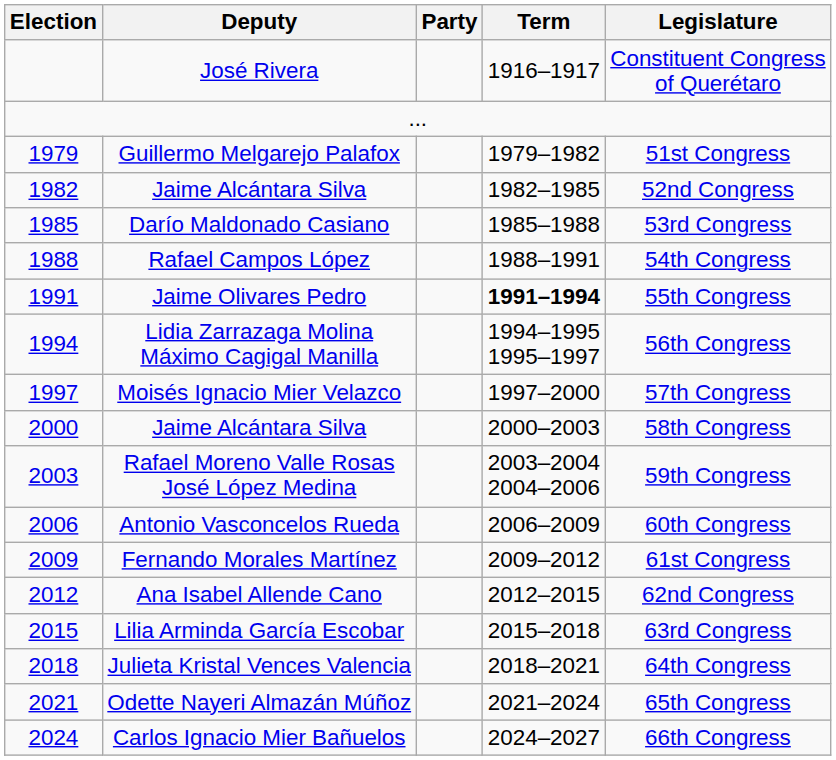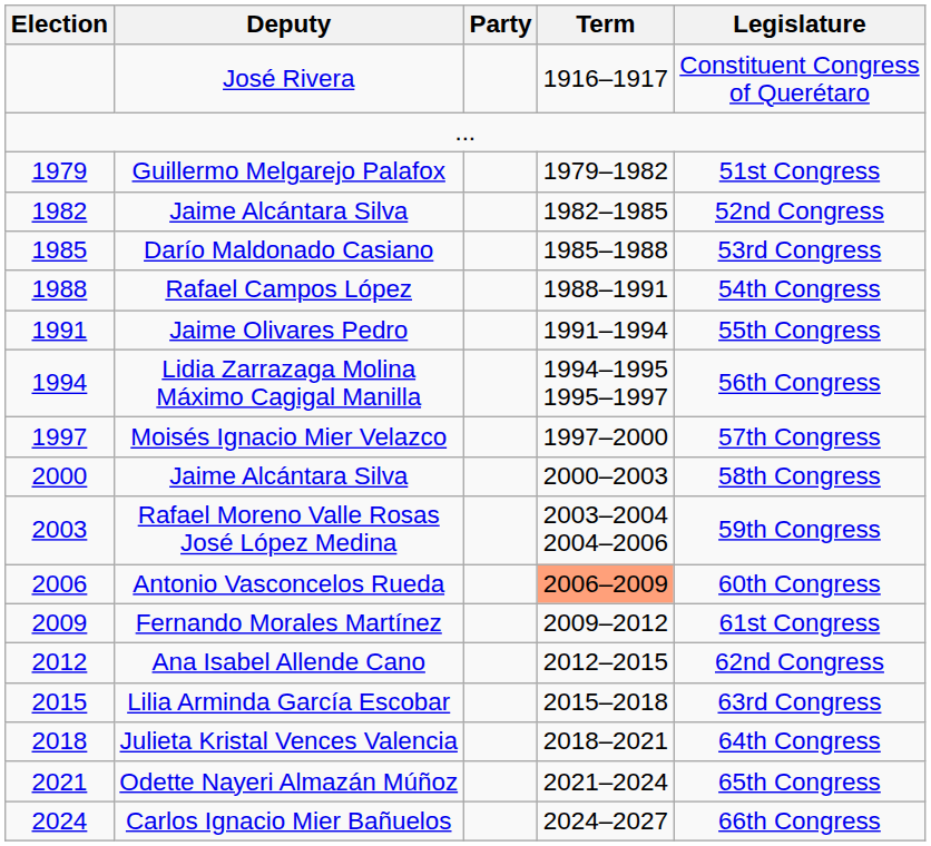 <table class="wikitable sortable" style="text-align: center">
 <tr>
 <th>Election</th>
 <th class="unsortable">Deputy</th>
 <th class="unsortable">Party</th>
 <th class="unsortable">Term</th>
 <th class="unsortable">Legislature</th>
 </tr>
 <tr>
 <td></td>
 <td><a href='#'>José Rivera</a></td>
 <td></td>
 <td>1916–1917</td>
 <td><a href='#'>Constituent Congress<br>of Querétaro</a></td>
 </tr>
 <tr>
 <td colspan=6> ...</td>
 </tr>
 <tr>
 <td><a href='#'>1979</a></td>
 <td><a href='#'>Guillermo Melgarejo Palafox</a></td>
 <td></td>
 <td>1979–1982</td>
 <td><a href='#'>51st Congress</a></td>
 </tr>
 <tr>
 <td><a href='#'>1982</a></td>
 <td><a href='#'>Jaime Alcántara Silva</a></td>
 <td></td>
 <td>1982–1985</td>
 <td><a href='#'>52nd Congress</a></td>
 </tr>
 <tr>
 <td><a href='#'>1985</a></td>
 <td><a href='#'>Darío Maldonado Casiano</a></td>
 <td></td>
 <td>1985–1988</td>
 <td><a href='#'>53rd Congress</a></td>
 </tr>
 <tr>
 <td><a href='#'>1988</a></td>
 <td><a href='#'>Rafael Campos López</a></td>
 <td></td>
 <td>1988–1991</td>
 <td><a href='#'>54th Congress</a></td>
 </tr>
 <tr>
 <td><a href='#'>1991</a></td>
 <td><a href='#'>Jaime Olivares Pedro</a></td>
 <td></td>
-<td><strong>1991–1994</strong></td>
+<td>1991–1994</td>
 <td><a href='#'>55th Congress</a></td>
 </tr>
 <tr>
 <td><a href='#'>1994</a></td>
 <td><a href='#'>Lidia Zarrazaga Molina</a><br><a href='#'>Máximo Cagigal Manilla</a></td>
 <td></td>
 <td>1994–1995<br>1995–1997</td>
 <td><a href='#'>56th Congress</a></td>
 </tr>
 <tr>
 <td><a href='#'>1997</a></td>
 <td><a href='#'>Moisés Ignacio Mier Velazco</a></td>
 <td></td>
 <td>1997–2000</td>
 <td><a href='#'>57th Congress</a></td>
 </tr>
 <tr>
 <td><a href='#'>2000</a></td>
 <td><a href='#'>Jaime Alcántara Silva</a></td>
 <td></td>
 <td>2000–2003</td>
 <td><a href='#'>58th Congress</a></td>
 </tr>
 <tr>
 <td><a href='#'>2003</a></td>
 <td><a href='#'>Rafael Moreno Valle Rosas</a><br><a href='#'>José López Medina</a></td>
 <td></td>
 <td>2003–2004<br>2004–2006</td>
 <td><a href='#'>59th Congress</a></td>
 </tr>
 <tr>
 <td><a href='#'>2006</a></td>
 <td><a href='#'>Antonio Vasconcelos Rueda</a></td>
 <td></td>
-<td>2006–2009</td>
+<td style="background: lightsalmon;">2006–2009</td>
 <td><a href='#'>60th Congress</a></td>
 </tr>
 <tr>
 <td><a href='#'>2009</a></td>
 <td><a href='#'>Fernando Morales Martínez</a></td>
 <td></td>
 <td>2009–2012</td>
 <td><a href='#'>61st Congress</a></td>
 </tr>
 <tr>
 <td><a href='#'>2012</a></td>
 <td><a href='#'>Ana Isabel Allende Cano</a></td>
 <td></td>
 <td>2012–2015</td>
 <td><a href='#'>62nd Congress</a></td>
 </tr>
 <tr>
 <td><a href='#'>2015</a></td>
 <td><a href='#'>Lilia Arminda García Escobar</a></td>
 <td></td>
 <td>2015–2018</td>
 <td><a href='#'>63rd Congress</a></td>
 </tr>
 <tr>
 <td><a href='#'>2018</a></td>
 <td><a href='#'>Julieta Kristal Vences Valencia</a></td>
 <td></td>
 <td>2018–2021</td>
 <td><a href='#'>64th Congress</a></td>
 </tr>
 <tr>
 <td><a href='#'>2021</a></td>
 <td><a href='#'>Odette Nayeri Almazán Múñoz</a></td>
 <td></td>
 <td>2021–2024</td>
 <td><a href='#'>65th Congress</a></td>
 </tr>
 <tr>
 <td><a href='#'>2024</a></td>
 <td><a href='#'>Carlos Ignacio Mier Bañuelos</a></td>
 <td></td>
 <td>2024–2027</td>
 <td><a href='#'>66th Congress</a></td>
 </tr>
 </table>
